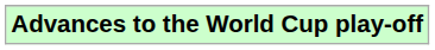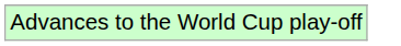 <table class="wikitable">
 <tr>
 </tr>
 <tr width=10px bgcolor=ccffcc>
-<td><strong>Advances to the World Cup play-off</strong></td>
+<td>Advances to the World Cup play-off</td>
 </tr>
 </table>
